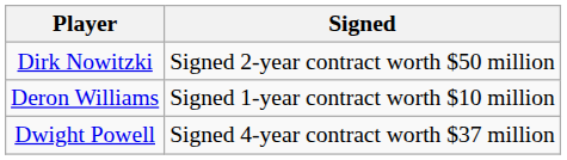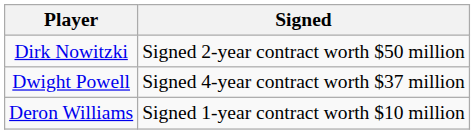 <table class="wikitable sortable sortable">
 <tr>
 <th>Player</th>
 <th>Signed</th>
 </tr>
 <tr style="text-align: center">
 <td><a href='#'>Dirk Nowitzki</a></td>
 <td>Signed 2-year contract worth $50 million</td>
 </tr>
 <tr style="text-align: center">
+<td><a href='#'>Dwight Powell</a></td>
+<td>Signed 4-year contract worth $37 million</td>
+</tr>
+<tr style="text-align: center">
 <td><a href='#'>Deron Williams</a></td>
 <td>Signed 1-year contract worth $10 million</td>
 </tr>
-<tr style="text-align: center">
-<td><a href='#'>Dwight Powell</a></td>
-<td>Signed 4-year contract worth $37 million</td>
-</tr>
 </table>
